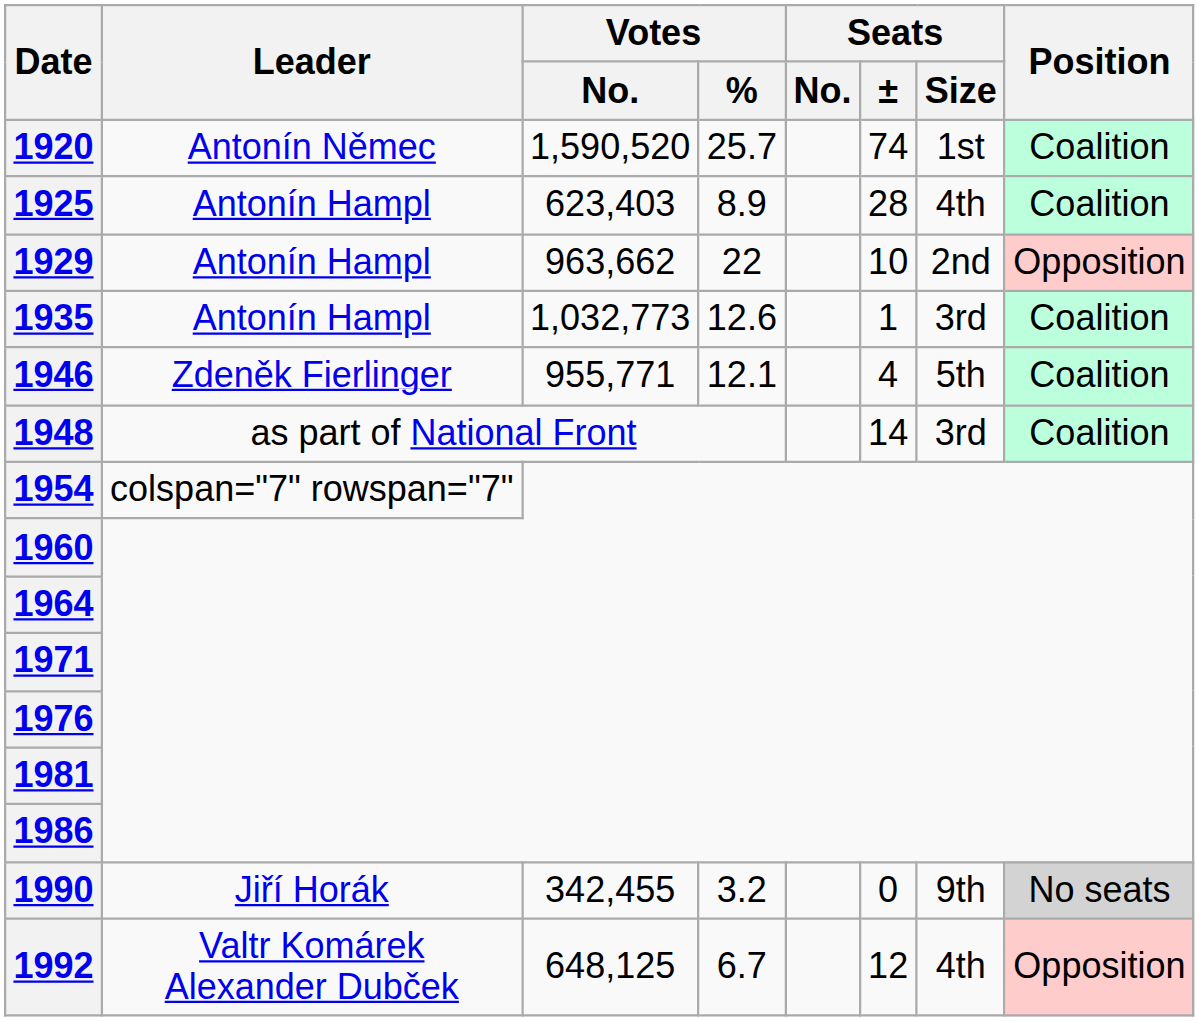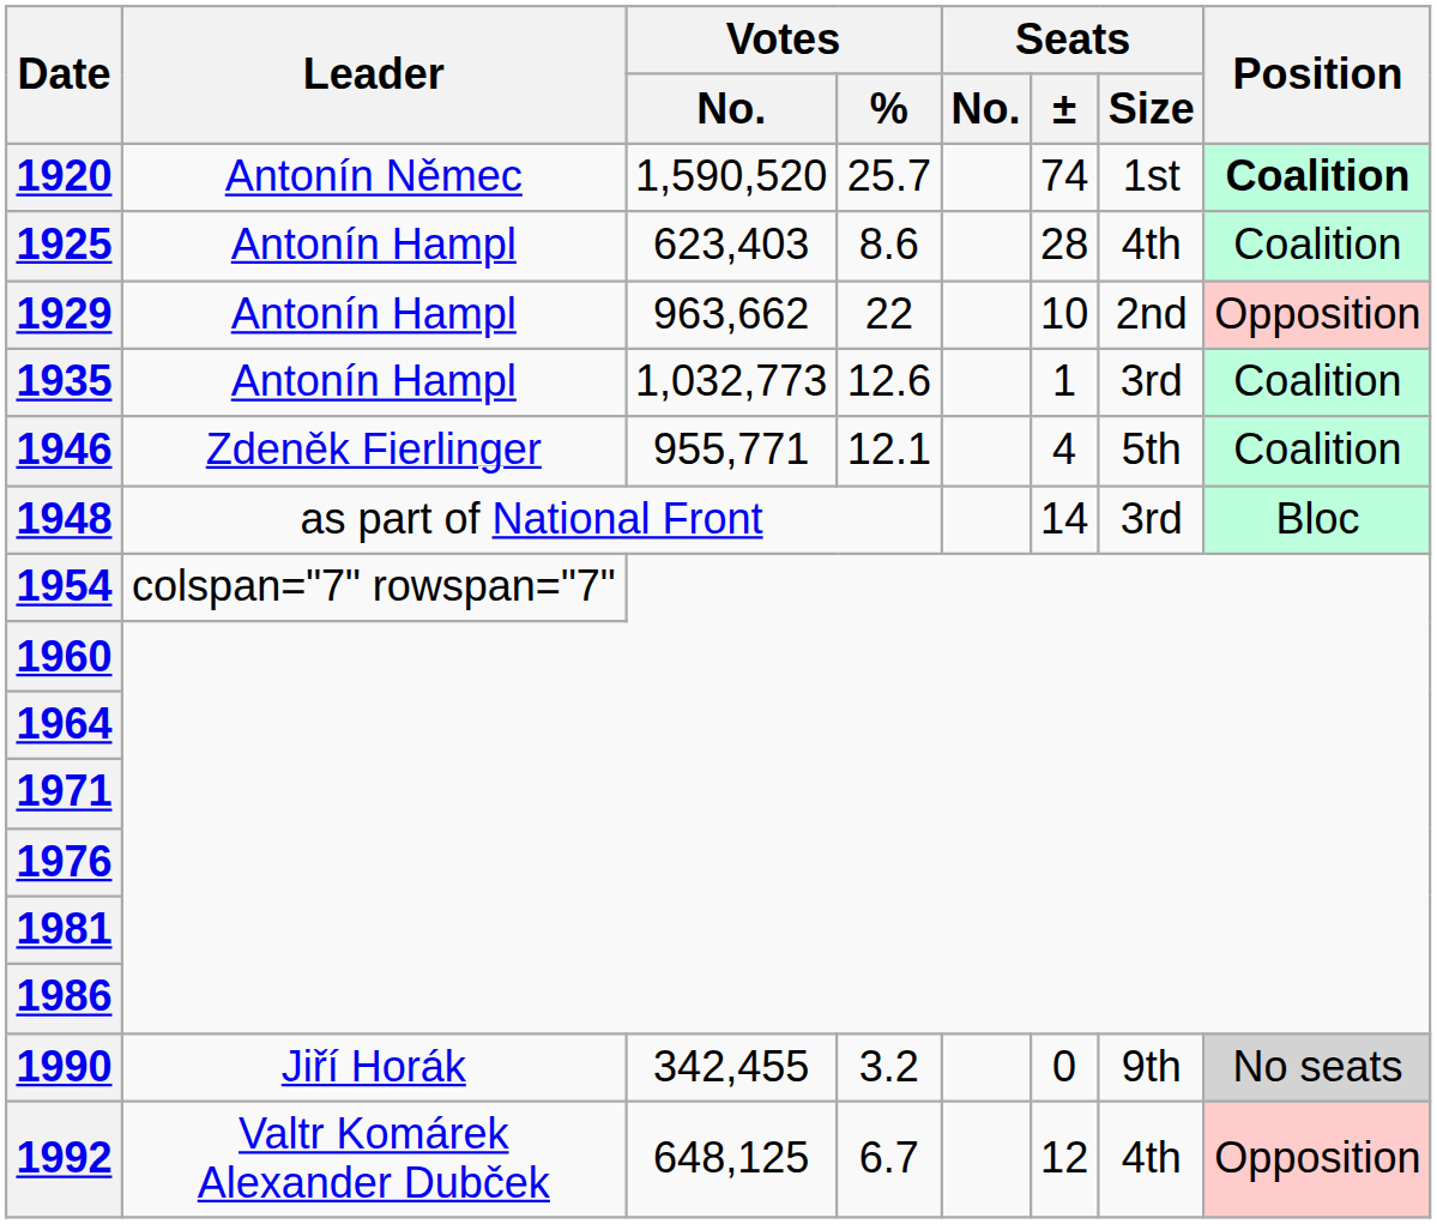 <table class="wikitable" style=text-align:center>
 <tr>
 <th rowspan="2">Date</th>
 <th rowspan="2">Leader</th>
 <th colspan="2">Votes</th>
 <th colspan="3">Seats</th>
 <th rowspan="2">Position</th>
 </tr>
 <tr>
 <th>No.</th>
 <th>%</th>
 <th>No.</th>
 <th>±</th>
 <th>Size</th>
 </tr>
 <tr>
 <th><a href='#'>1920</a></th>
 <td><a href='#'>Antonín Němec</a></td>
 <td>1,590,520</td>
 <td>25.7</td>
 <td></td>
 <td> 74</td>
 <td>1st</td>
-<td style="background:#bfd;" align=center>Coalition</td>
+<td style="background:#bfd;" align=center><strong>Coalition</strong></td>
 </tr>
 <tr>
 <th><a href='#'>1925</a></th>
 <td><a href='#'>Antonín Hampl</a></td>
 <td>623,403</td>
-<td>8.9</td>
+<td>8.6</td>
 <td></td>
 <td> 28</td>
 <td>4th</td>
 <td style="background:#bfd;" align=center>Coalition</td>
 </tr>
 <tr>
 <th><a href='#'>1929</a></th>
 <td><a href='#'>Antonín Hampl</a></td>
 <td>963,662</td>
 <td>22</td>
 <td></td>
 <td> 10</td>
 <td>2nd</td>
 <td style="background:#fcc;" align=center>Opposition</td>
 </tr>
 <tr>
 <th><a href='#'>1935</a></th>
 <td><a href='#'>Antonín Hampl</a></td>
 <td>1,032,773</td>
 <td>12.6</td>
 <td></td>
 <td> 1</td>
 <td>3rd</td>
 <td style="background:#bfd;" align=center>Coalition</td>
 </tr>
 <tr>
 <th><a href='#'>1946</a></th>
 <td><a href='#'>Zdeněk Fierlinger</a></td>
 <td>955,771</td>
 <td>12.1</td>
 <td></td>
 <td> 4</td>
 <td>5th</td>
 <td style="background:#bfd;" align=center>Coalition</td>
 </tr>
 <tr>
 <th><a href='#'>1948</a></th>
 <td colspan="3" rowspan="1">as part of <a href='#'>National Front</a></td>
 <td></td>
 <td> 14</td>
 <td>3rd</td>
-<td style="background:#bfd;" align=center>Coalition</td>
+<td style="background:#bfd;" align=center>Bloc</td>
 </tr>
 <tr>
 <th><a href='#'>1954</a></th>
 <td>colspan="7" rowspan="7" </td>
 </tr>
 <tr>
 <th><a href='#'>1960</a></th>
 </tr>
 <tr>
 <th><a href='#'>1964</a></th>
 </tr>
 <tr>
 <th><a href='#'>1971</a></th>
 </tr>
 <tr>
 <th><a href='#'>1976</a></th>
 </tr>
 <tr>
 <th><a href='#'>1981</a></th>
 </tr>
 <tr>
 <th><a href='#'>1986</a></th>
 </tr>
 <tr>
 <th><a href='#'>1990</a></th>
 <td><a href='#'>Jiří Horák</a></td>
 <td>342,455</td>
 <td>3.2</td>
 <td></td>
 <td> 0</td>
 <td>9th</td>
 <td style="background:Lightgray;">No seats</td>
 </tr>
 <tr>
 <th><a href='#'>1992</a></th>
 <td><a href='#'>Valtr Komárek</a><br><a href='#'>Alexander Dubček</a></td>
 <td>648,125</td>
 <td>6.7</td>
 <td></td>
 <td> 12</td>
 <td>4th</td>
 <td style="background:#fcc;" align=center>Opposition</td>
 </tr>
 </table>
